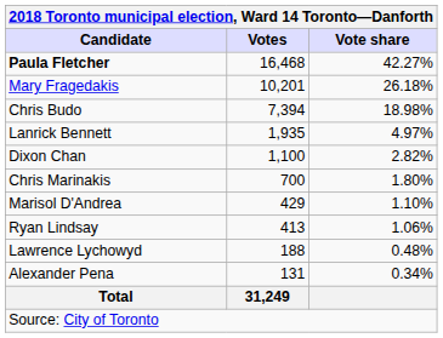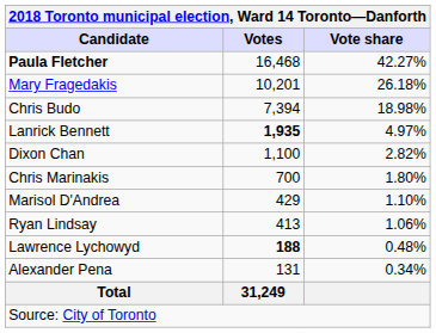 <table class="wikitable plainrowheaders">
 <tr>
 <th colspan="3"><strong><a href='#'>2018 Toronto municipal election</a>, Ward 14 Toronto—Danforth</strong></th>
 </tr>
 <tr>
 <th scope="col" style="background:#ddf;">Candidate</th>
 <th scope="col" style="background:#ddf;">Votes</th>
 <th scope="col" style="background:#ddf;">Vote share</th>
 </tr>
 <tr>
 <td scope="row"><strong>Paula Fletcher</strong></td>
 <td align="right">16,468</td>
 <td align="right">42.27%</td>
 </tr>
 <tr>
 <td scope="row"><a href='#'>Mary Fragedakis</a></td>
 <td align="right">10,201</td>
 <td align="right">26.18%</td>
 </tr>
 <tr>
 <td scope="row">Chris Budo</td>
 <td align="right">7,394</td>
 <td align="right">18.98%</td>
 </tr>
 <tr>
 <td scope="row">Lanrick Bennett</td>
-<td align="right">1,935</td>
+<td align="right"><strong>1,935</strong></td>
 <td align="right">4.97%</td>
 </tr>
 <tr>
 <td scope="row">Dixon Chan</td>
 <td align="right">1,100</td>
 <td align="right">2.82%</td>
 </tr>
 <tr>
 <td>Chris Marinakis</td>
 <td align="right">700</td>
 <td align="right">1.80%</td>
 </tr>
 <tr>
 <td>Marisol D'Andrea</td>
 <td align="right">429</td>
 <td align="right">1.10%</td>
 </tr>
 <tr>
 <td>Ryan Lindsay</td>
 <td align="right">413</td>
 <td align="right">1.06%</td>
 </tr>
 <tr>
 <td>Lawrence Lychowyd</td>
-<td align="right">188</td>
+<td align="right"><strong>188</strong></td>
 <td align="right">0.48%</td>
 </tr>
 <tr>
 <td>Alexander Pena</td>
 <td align="right">131</td>
 <td align="right">0.34%</td>
 </tr>
 <tr>
 <th scope="row"><strong>Total</strong></th>
 <th align="right">31,249</th>
 <th align="right"></th>
 </tr>
 <tr>
 <td colspan="3">Source: <a href='#'>City of Toronto</a></td>
 </tr>
 </table>
